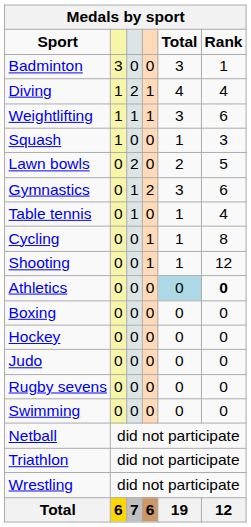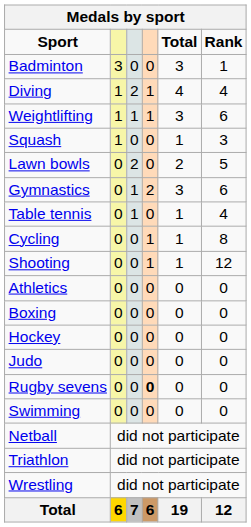 <table class="wikitable" style="font-size:100%; float:right">
 <tr style="background:#efefef;">
 <th colspan=7>Medals by sport</th>
 </tr>
 <tr align=center>
 <td><strong>Sport</strong></td>
 <td bgcolor=#f7f6a8></td>
 <td bgcolor=#dce5e5></td>
 <td bgcolor=#ffdab9></td>
 <td><strong>Total</strong></td>
 <td><strong>Rank</strong></td>
 </tr>
 <tr align=center>
 <td align=left><a href='#'>Badminton</a></td>
 <td bgcolor=#f7f6a8>3</td>
 <td bgcolor=#dce5e5>0</td>
 <td bgcolor=#ffdab9>0</td>
 <td>3</td>
 <td>1</td>
 </tr>
 <tr align=center>
 <td align=left><a href='#'>Diving</a></td>
 <td bgcolor=#f7f6a8>1</td>
 <td bgcolor=#dce5e5>2</td>
 <td bgcolor=#ffdab9>1</td>
 <td>4</td>
 <td>4</td>
 </tr>
 <tr align=center>
 <td align=left><a href='#'>Weightlifting</a></td>
 <td bgcolor=#f7f6a8>1</td>
 <td bgcolor=#dce5e5>1</td>
 <td bgcolor=#ffdab9>1</td>
 <td>3</td>
 <td>6</td>
 </tr>
 <tr align=center>
 <td align=left><a href='#'>Squash</a></td>
 <td bgcolor=#f7f6a8>1</td>
 <td bgcolor=#dce5e5>0</td>
 <td bgcolor=#ffdab9>0</td>
 <td>1</td>
 <td>3</td>
 </tr>
 <tr align=center>
 <td align=left><a href='#'>Lawn bowls</a></td>
 <td bgcolor=#f7f6a8>0</td>
 <td bgcolor=#dce5e5>2</td>
 <td bgcolor=#ffdab9>0</td>
 <td>2</td>
 <td>5</td>
 </tr>
 <tr align=center>
 <td align=left><a href='#'>Gymnastics</a></td>
 <td bgcolor=#f7f6a8>0</td>
 <td bgcolor=#dce5e5>1</td>
 <td bgcolor=#ffdab9>2</td>
 <td>3</td>
 <td>6</td>
 </tr>
 <tr align=center>
 <td align=left><a href='#'>Table tennis</a></td>
 <td bgcolor=#f7f6a8>0</td>
 <td bgcolor=#dce5e5>1</td>
 <td bgcolor=#ffdab9>0</td>
 <td>1</td>
 <td>4</td>
 </tr>
 <tr align=center>
 <td align=left><a href='#'>Cycling</a></td>
 <td bgcolor=#f7f6a8>0</td>
 <td bgcolor=#dce5e5>0</td>
 <td bgcolor=#ffdab9>1</td>
 <td>1</td>
 <td>8</td>
 </tr>
 <tr align=center>
 <td align=left><a href='#'>Shooting</a></td>
 <td bgcolor=#f7f6a8>0</td>
 <td bgcolor=#dce5e5>0</td>
 <td bgcolor=#ffdab9>1</td>
 <td>1</td>
 <td>12</td>
 </tr>
 <tr align=center>
 <td align=left><a href='#'>Athletics</a></td>
 <td bgcolor=#f7f6a8>0</td>
 <td bgcolor=#dce5e5>0</td>
 <td bgcolor=#ffdab9>0</td>
-<td style="background: lightblue;">0</td>
-<td><strong>0</strong></td>
+<td>0</td>
+<td>0</td>
 </tr>
 <tr align=center>
 <td align=left><a href='#'>Boxing</a></td>
 <td bgcolor=#f7f6a8>0</td>
 <td bgcolor=#dce5e5>0</td>
 <td bgcolor=#ffdab9>0</td>
 <td>0</td>
 <td>0</td>
 </tr>
 <tr align=center>
 <td align=left><a href='#'>Hockey</a></td>
 <td bgcolor=#f7f6a8>0</td>
 <td bgcolor=#dce5e5>0</td>
 <td bgcolor=#ffdab9>0</td>
 <td>0</td>
 <td>0</td>
 </tr>
 <tr align=center>
 <td align=left><a href='#'>Judo</a></td>
 <td bgcolor=#f7f6a8>0</td>
 <td bgcolor=#dce5e5>0</td>
 <td bgcolor=#ffdab9>0</td>
 <td>0</td>
 <td>0</td>
 </tr>
 <tr align=center>
 <td align=left><a href='#'>Rugby sevens</a></td>
 <td bgcolor=#f7f6a8>0</td>
 <td bgcolor=#dce5e5>0</td>
-<td bgcolor=#ffdab9>0</td>
+<td bgcolor=#ffdab9><strong>0</strong></td>
 <td>0</td>
 <td>0</td>
 </tr>
 <tr align=center>
 <td align=left><a href='#'>Swimming</a></td>
 <td bgcolor=#f7f6a8>0</td>
 <td bgcolor=#dce5e5>0</td>
 <td bgcolor=#ffdab9>0</td>
 <td>0</td>
 <td>0</td>
 </tr>
 <tr align=center>
 <td align=left><a href='#'>Netball</a></td>
 <td colspan=5>did not participate</td>
 </tr>
 <tr align=center>
 <td align=left><a href='#'>Triathlon</a></td>
 <td colspan=5>did not participate</td>
 </tr>
 <tr align=center>
 <td align=left><a href='#'>Wrestling</a></td>
 <td colspan=5>did not participate</td>
 </tr>
 <tr>
 <th>Total</th>
 <th style="background:gold;">6</th>
 <th style="background:silver;">7</th>
 <th style="background:#c96;">6</th>
 <th>19</th>
 <th>12</th>
 </tr>
 </table>
